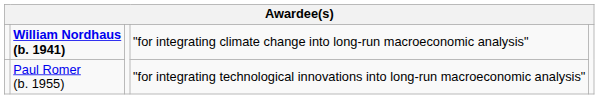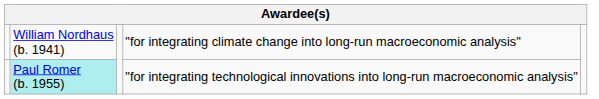 <table class="wikitable">
 <tr>
 <th colspan="5">Awardee(s)</th>
 </tr>
 <tr>
 <td></td>
-<td><strong><a href='#'>William Nordhaus</a><br>(b. 1941)</strong></td>
+<td><a href='#'>William Nordhaus</a><br>(b. 1941)</td>
 <td rowspan="2"></td>
 <td>"for integrating climate change into long-run macroeconomic analysis"</td>
 <td rowspan="2"></td>
 </tr>
 <tr>
 <td></td>
-<td><a href='#'>Paul Romer</a><br>(b. 1955)</td>
+<td style="background: paleturquoise;"><a href='#'>Paul Romer</a><br>(b. 1955)</td>
 <td>"for integrating technological innovations into long-run macroeconomic analysis"</td>
 </tr>
 </table>
